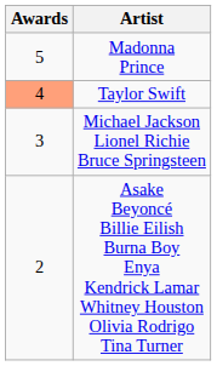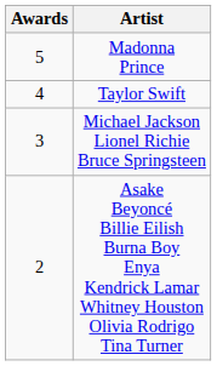 <table class="wikitable" rowspan="2" style="text-align:center;">
 <tr>
 <th scope="col" style="width:55px;">Awards</th>
 <th scope="col" style="text-align:center;">Artist</th>
 </tr>
 <tr>
 <td>5</td>
 <td><a href='#'>Madonna</a> <br> <a href='#'>Prince</a></td>
 </tr>
 <tr>
-<td style="background: lightsalmon;">4</td>
+<td>4</td>
 <td><a href='#'>Taylor Swift</a></td>
 </tr>
 <tr>
 <td>3</td>
 <td><a href='#'>Michael Jackson</a> <br> <a href='#'>Lionel Richie</a> <br> <a href='#'>Bruce Springsteen</a></td>
 </tr>
 <tr>
 <td>2</td>
 <td><a href='#'>Asake</a> <br> <a href='#'>Beyoncé</a> <br> <a href='#'>Billie Eilish</a> <br> <a href='#'>Burna Boy</a> <br> <a href='#'>Enya</a> <br> <a href='#'>Kendrick Lamar</a> <br> <a href='#'>Whitney Houston</a> <br> <a href='#'>Olivia Rodrigo</a> <br> <a href='#'>Tina Turner</a></td>
 </tr>
 </table>
